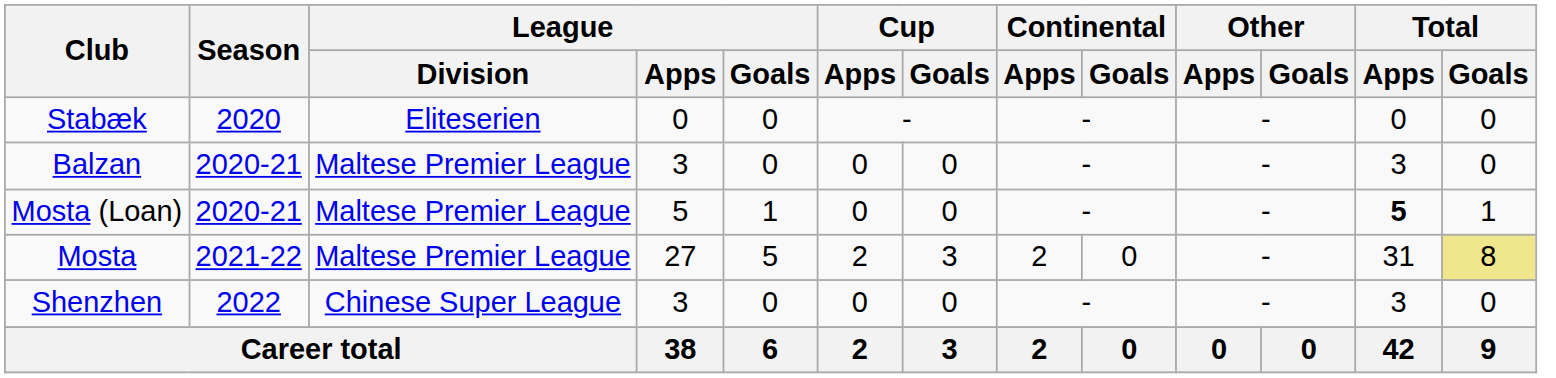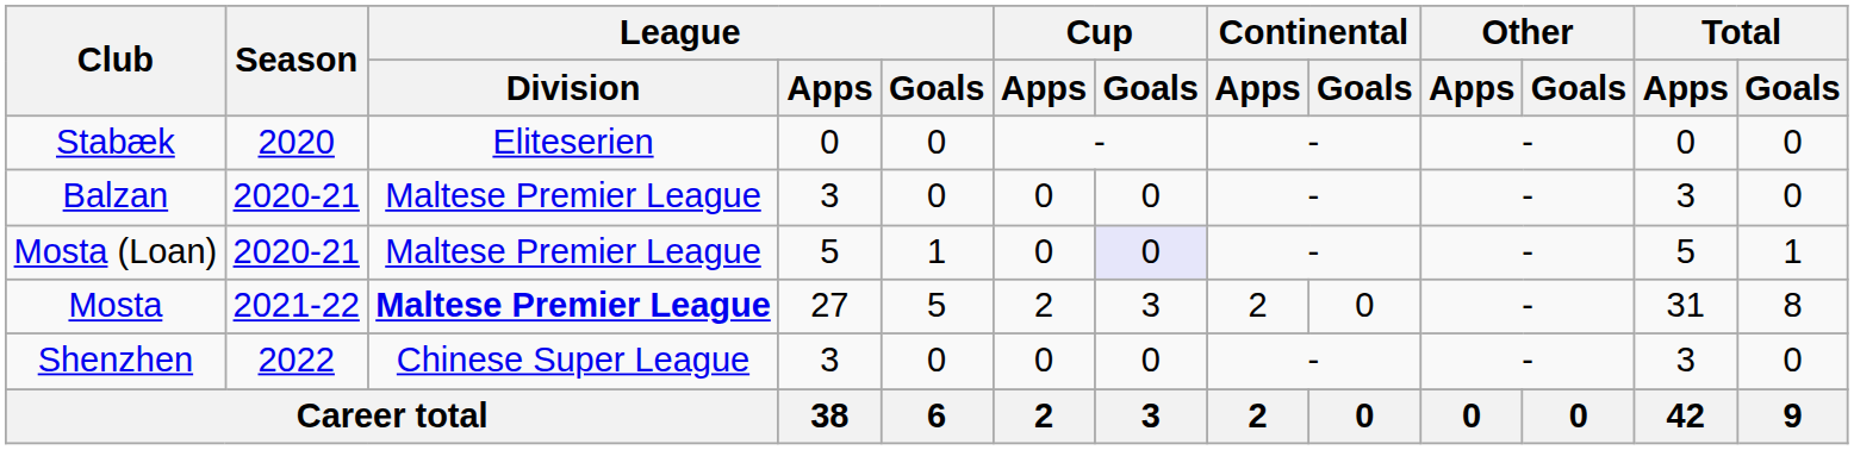 <table class="wikitable" style="text-align: center">
 <tr>
 <th rowspan="2">Club</th>
 <th rowspan="2">Season</th>
 <th colspan="3">League</th>
 <th colspan="2">Cup</th>
 <th colspan="2">Continental</th>
 <th colspan="2">Other</th>
 <th colspan="2">Total</th>
 </tr>
 <tr>
 <th>Division</th>
 <th>Apps</th>
 <th>Goals</th>
 <th>Apps</th>
 <th>Goals</th>
 <th>Apps</th>
 <th>Goals</th>
 <th>Apps</th>
 <th>Goals</th>
 <th>Apps</th>
 <th>Goals</th>
 </tr>
 <tr>
 <td><a href='#'>Stabæk</a></td>
 <td><a href='#'>2020</a></td>
 <td><a href='#'>Eliteserien</a></td>
 <td>0</td>
 <td>0</td>
 <td colspan="2">-</td>
 <td colspan="2">-</td>
 <td colspan="2">-</td>
 <td>0</td>
 <td>0</td>
 </tr>
 <tr>
 <td><a href='#'>Balzan</a></td>
 <td><a href='#'>2020-21</a></td>
 <td><a href='#'>Maltese Premier League</a></td>
 <td>3</td>
 <td>0</td>
 <td>0</td>
 <td>0</td>
 <td colspan="2">-</td>
 <td colspan="2">-</td>
 <td>3</td>
 <td>0</td>
 </tr>
 <tr>
 <td><a href='#'>Mosta</a> (Loan)</td>
 <td><a href='#'>2020-21</a></td>
 <td><a href='#'>Maltese Premier League</a></td>
 <td>5</td>
 <td>1</td>
 <td>0</td>
-<td>0</td>
+<td style="background: lavender;">0</td>
 <td colspan="2">-</td>
 <td colspan="2">-</td>
-<td><strong>5</strong></td>
+<td>5</td>
 <td>1</td>
 </tr>
 <tr>
 <td><a href='#'>Mosta</a></td>
 <td><a href='#'>2021-22</a></td>
-<td><a href='#'>Maltese Premier League</a></td>
+<td><strong><a href='#'>Maltese Premier League</a></strong></td>
 <td>27</td>
 <td>5</td>
 <td>2</td>
 <td>3</td>
 <td>2</td>
 <td>0</td>
 <td colspan="2">-</td>
 <td>31</td>
-<td style="background: khaki;">8</td>
+<td>8</td>
 </tr>
 <tr>
 <td><a href='#'>Shenzhen</a></td>
 <td><a href='#'>2022</a></td>
 <td><a href='#'>Chinese Super League</a></td>
 <td>3</td>
 <td>0</td>
 <td>0</td>
 <td>0</td>
 <td colspan="2">-</td>
 <td colspan="2">-</td>
 <td>3</td>
 <td>0</td>
 </tr>
 <tr>
 <th colspan=3>Career total</th>
 <th>38</th>
 <th>6</th>
 <th>2</th>
 <th>3</th>
 <th>2</th>
 <th>0</th>
 <th>0</th>
 <th>0</th>
 <th>42</th>
 <th>9</th>
 </tr>
 </table>
